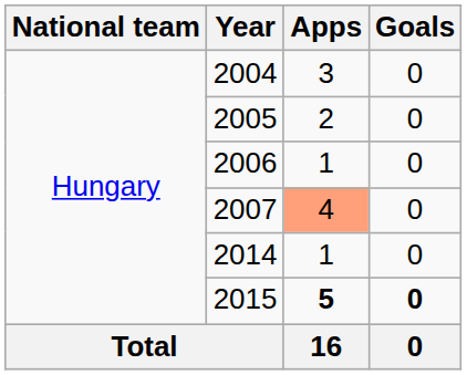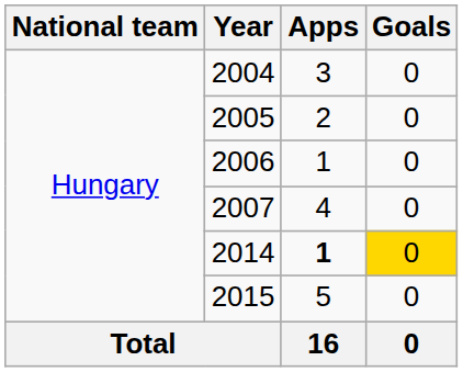 <table class="wikitable" style="text-align: center;">
 <tr>
 <th>National team</th>
 <th>Year</th>
 <th>Apps</th>
 <th>Goals</th>
 </tr>
 <tr>
 <td rowspan="6" valign="center"><a href='#'>Hungary</a></td>
 <td>2004</td>
 <td>3</td>
 <td>0</td>
 </tr>
 <tr>
 <td>2005</td>
 <td>2</td>
 <td>0</td>
 </tr>
 <tr>
 <td>2006</td>
 <td>1</td>
 <td>0</td>
 </tr>
 <tr>
 <td>2007</td>
-<td style="background: lightsalmon;">4</td>
+<td>4</td>
 <td>0</td>
 </tr>
 <tr>
 <td>2014</td>
-<td>1</td>
-<td>0</td>
+<td><strong>1</strong></td>
+<td style="background: gold;">0</td>
 </tr>
 <tr>
 <td>2015</td>
-<td><strong>5</strong></td>
-<td><strong>0</strong></td>
+<td>5</td>
+<td>0</td>
 </tr>
 <tr>
 <th colspan="2">Total</th>
 <th>16</th>
 <th>0</th>
 </tr>
 </table>
